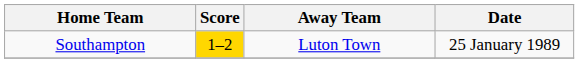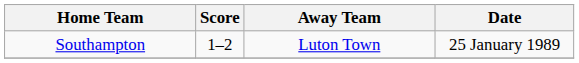 <table class="wikitable" style="text-align:center;">
 <tr>
 <th width=175>Home Team</th>
 <th width=20>Score</th>
 <th width=175>Away Team</th>
 <th width=125>Date</th>
 </tr>
 <tr>
 <td><a href='#'>Southampton</a></td>
-<td style="background: gold;">1–2</td>
+<td>1–2</td>
 <td><a href='#'>Luton Town</a></td>
 <td>25 January 1989</td>
 </tr>
 <tr>
 </tr>
 </table>
